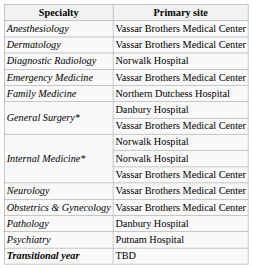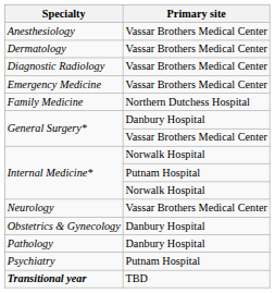 <table class="wikitable">
 <tr style="font-weight:bold;">
 <th style="font-family:inherit;">Specialty</th>
 <th>Primary site</th>
 </tr>
 <tr>
 <td><em>Anesthesiology</em></td>
 <td>Vassar Brothers Medical Center</td>
 </tr>
 <tr>
 <td><em>Dermatology</em></td>
 <td>Vassar Brothers Medical Center</td>
 </tr>
 <tr>
 <td><em>Diagnostic Radiology</em></td>
-<td>Norwalk Hospital</td>
+<td>Vassar Brothers Medical Center</td>
 </tr>
 <tr>
 <td><em>Emergency Medicine</em></td>
 <td>Vassar Brothers Medical Center</td>
 </tr>
 <tr>
 <td><em>Family Medicine</em></td>
 <td>Northern Dutchess Hospital</td>
 </tr>
 <tr>
 <td rowspan="2"><em>General Surgery*</em></td>
 <td>Danbury Hospital</td>
 </tr>
 <tr>
 <td>Vassar Brothers Medical Center</td>
 </tr>
 <tr>
 <td rowspan="3"><em>Internal Medicine*</em></td>
 <td>Norwalk Hospital</td>
 </tr>
 <tr>
-<td>Norwalk Hospital</td>
+<td>Putnam Hospital</td>
 </tr>
 <tr>
-<td>Vassar Brothers Medical Center</td>
+<td>Norwalk Hospital</td>
 </tr>
 <tr>
 <td><em>Neurology</em></td>
 <td>Vassar Brothers Medical Center</td>
 </tr>
 <tr>
 <td><em>Obstetrics & Gynecology</em></td>
-<td>Vassar Brothers Medical Center</td>
+<td>Danbury Hospital</td>
 </tr>
 <tr>
 <td><em>Pathology</em></td>
 <td>Danbury Hospital</td>
 </tr>
 <tr>
 <td><em>Psychiatry</em></td>
 <td>Putnam Hospital</td>
 </tr>
 <tr>
 <td><strong><em>Transitional year</em></strong></td>
 <td>TBD</td>
 </tr>
 </table>
